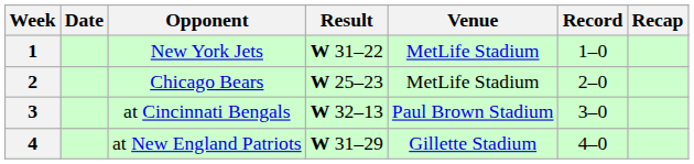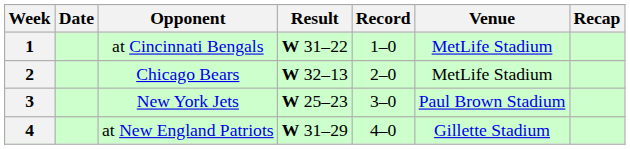 <table class="wikitable" style="text-align:center">
 <tr>
 <th>Week</th>
 <th>Date</th>
 <th>Opponent</th>
 <th>Result</th>
+<th>Record</th>
 <th>Venue</th>
-<th>Record</th>
 <th>Recap</th>
 </tr>
 <tr style="background:#cfc">
 <th>1</th>
 <td></td>
-<td><a href='#'>New York Jets</a></td>
+<td>at <a href='#'>Cincinnati Bengals</a></td>
 <td><strong>W</strong> 31–22</td>
+<td>1–0</td>
 <td><a href='#'>MetLife Stadium</a></td>
-<td>1–0</td>
 <td></td>
 </tr>
 <tr style="background:#cfc">
 <th>2</th>
 <td></td>
 <td><a href='#'>Chicago Bears</a></td>
-<td><strong>W</strong> 25–23</td>
+<td><strong>W</strong> 32–13</td>
+<td>2–0</td>
 <td>MetLife Stadium</td>
-<td>2–0</td>
 <td></td>
 </tr>
 <tr style="background:#cfc">
 <th>3</th>
 <td></td>
-<td>at <a href='#'>Cincinnati Bengals</a></td>
-<td><strong>W</strong> 32–13</td>
+<td><a href='#'>New York Jets</a></td>
+<td><strong>W</strong> 25–23</td>
+<td>3–0</td>
 <td><a href='#'>Paul Brown Stadium</a></td>
-<td>3–0</td>
 <td></td>
 </tr>
 <tr style="background:#cfc">
 <th>4</th>
 <td></td>
 <td>at <a href='#'>New England Patriots</a></td>
 <td><strong>W</strong> 31–29</td>
+<td>4–0</td>
 <td><a href='#'>Gillette Stadium</a></td>
-<td>4–0</td>
 <td></td>
 </tr>
 </table>
